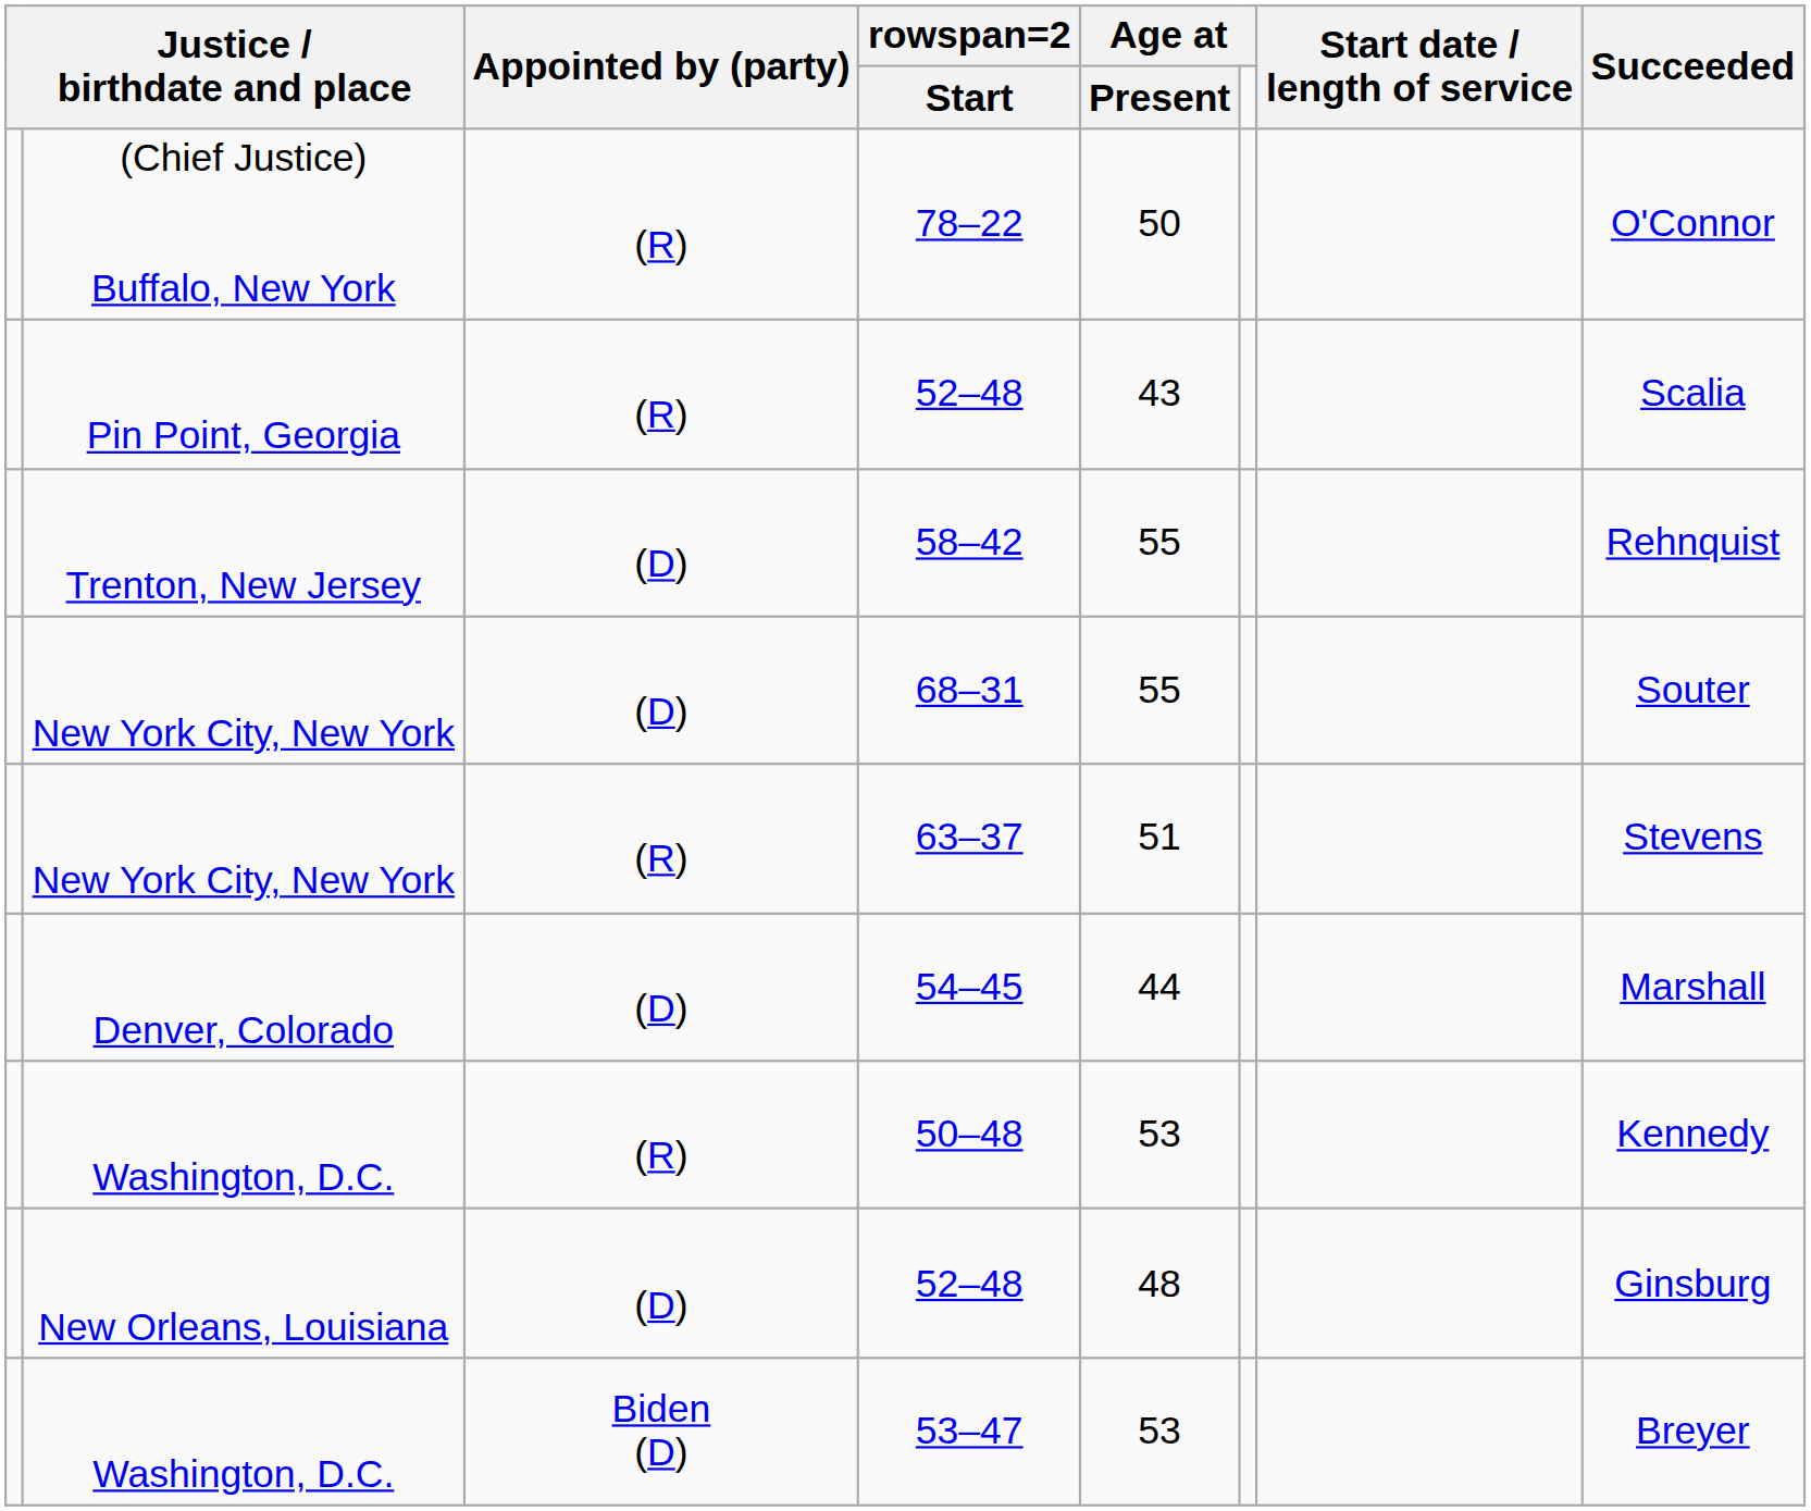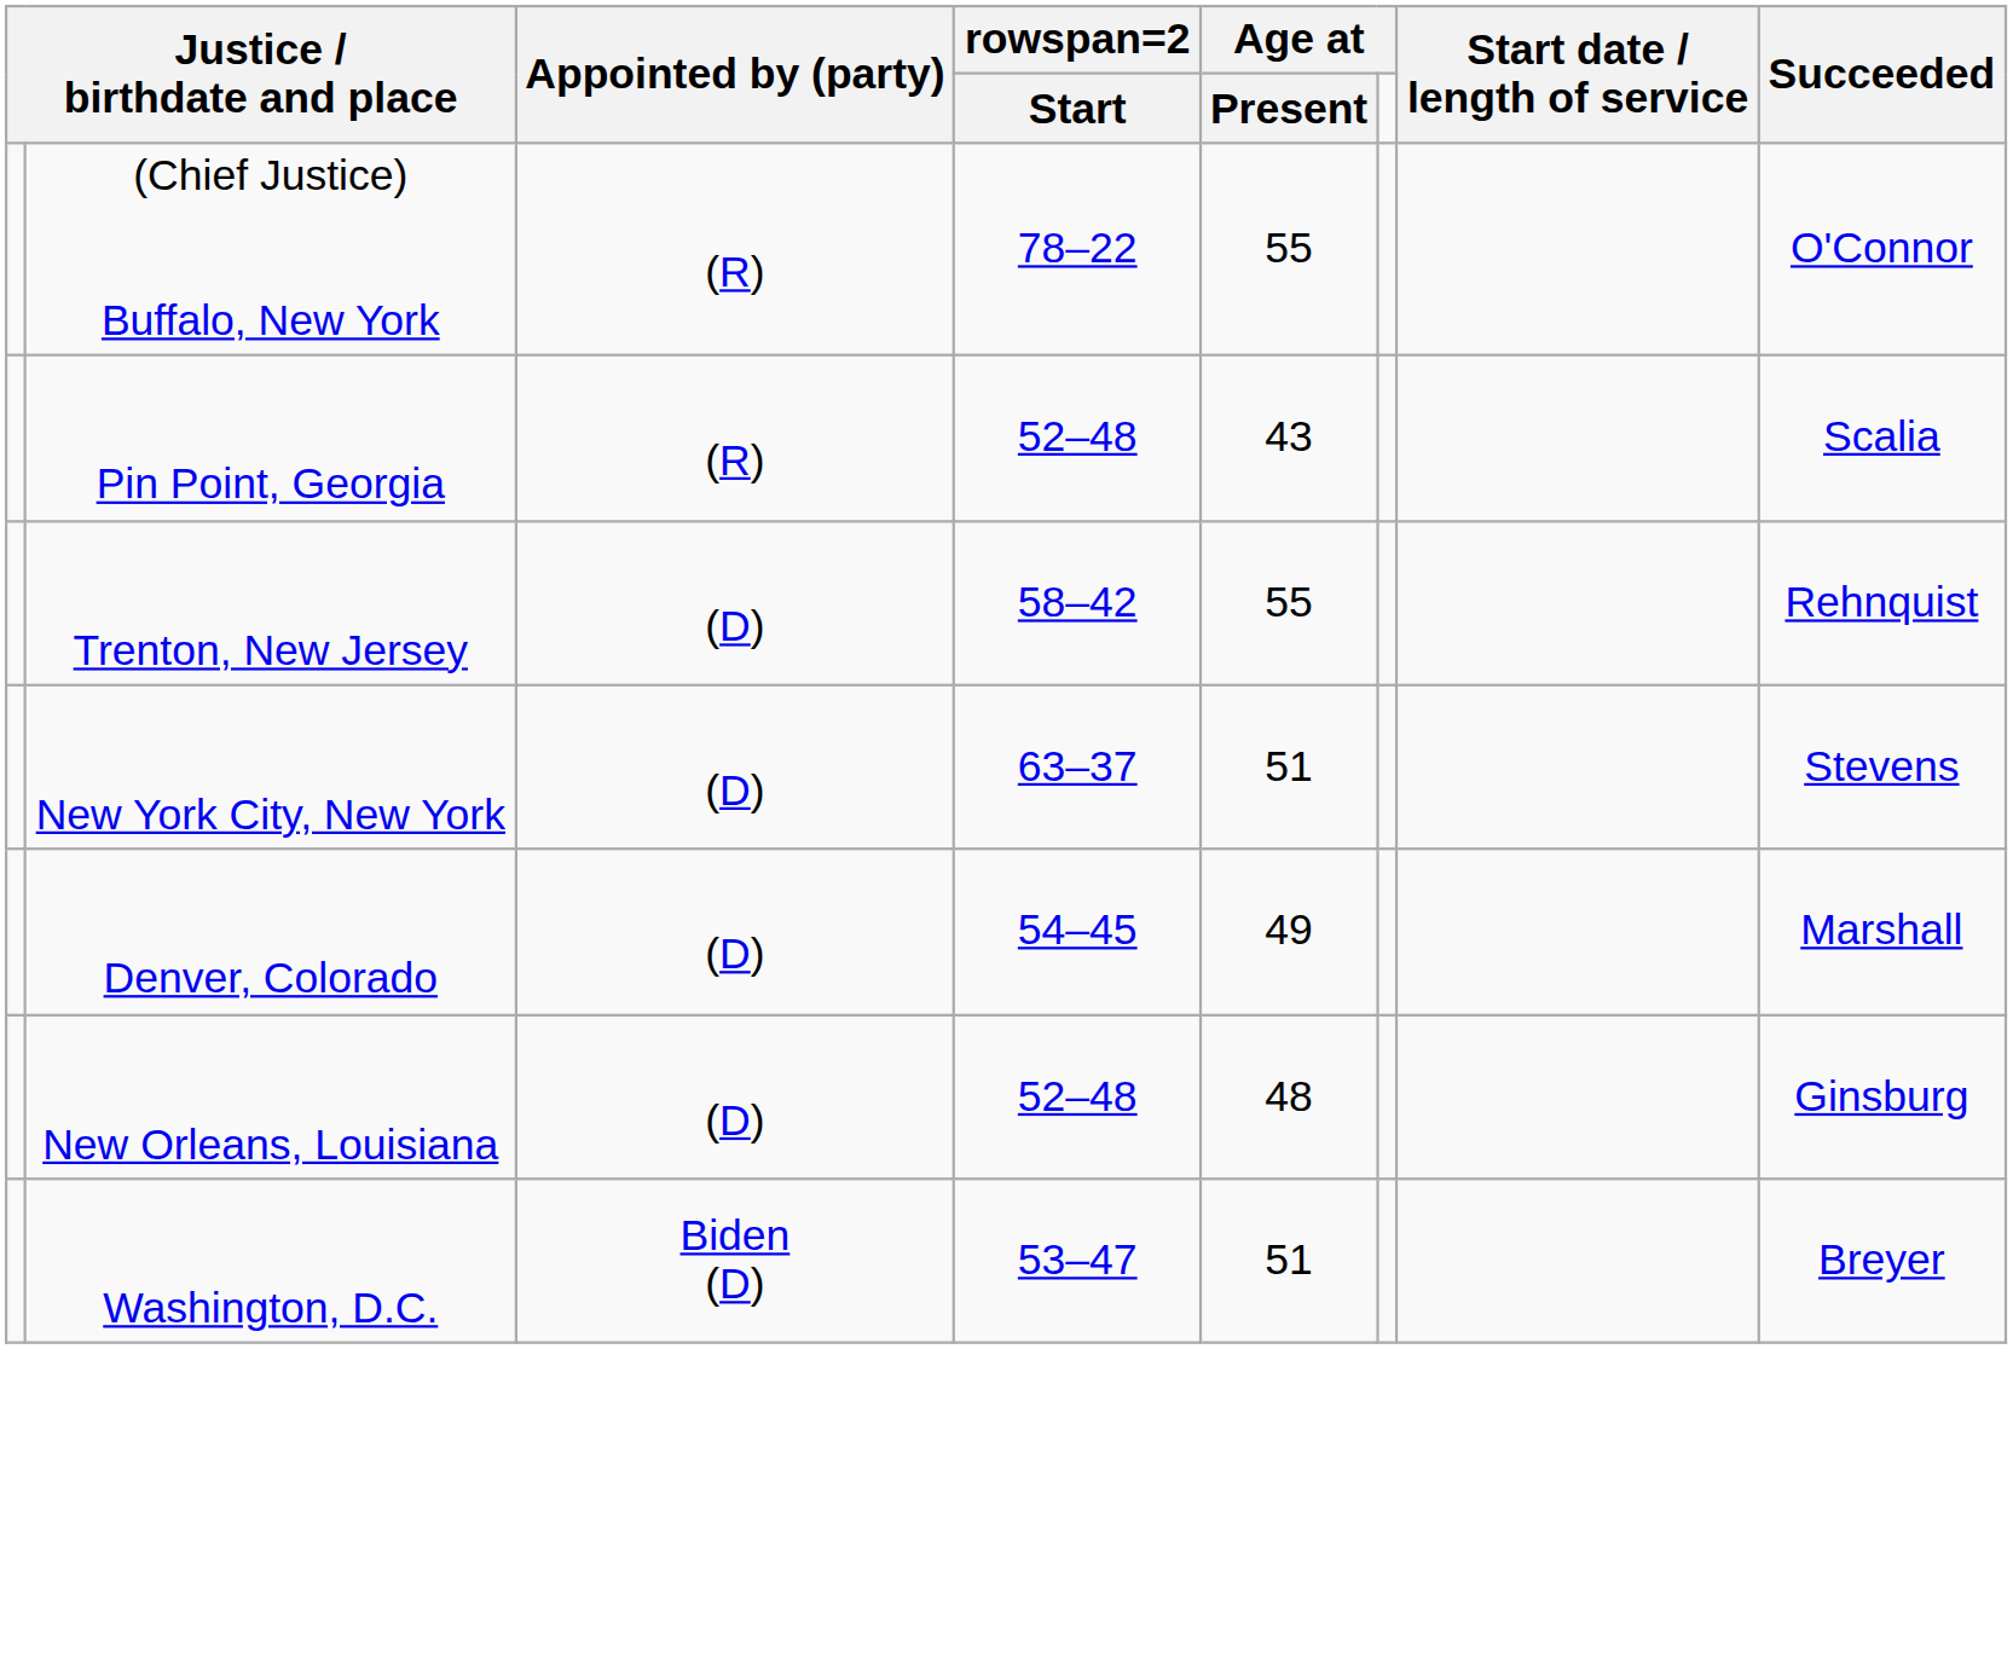 <table class="wikitable sortable" style="text-align:center">
 <tr>
 <th rowspan=2 colspan=2 style="min-width: 150px">Justice /<br>birthdate and place</th>
 <th rowspan=2>Appointed by (party)</th>
 <th>rowspan=2 </th>
 <th colspan=2>Age at</th>
 <th rowspan=2>Start date /<br>length of service</th>
 <th rowspan="2">Succeeded</th>
 </tr>
 <tr>
 <th>Start</th>
 <th>Present</th>
 </tr>
 <tr>
 <td></td>
 <td>(Chief Justice)<br><strong></strong><br><br><a href='#'>Buffalo, New York</a></td>
 <td><br>(<a href='#'>R</a>)</td>
 <td><a href='#'>78–22</a></td>
-<td>50</td>
+<td>55</td>
 <td></td>
 <td style="white-space:nowrap"><br></td>
 <td><a href='#'>O'Connor</a></td>
 </tr>
 <tr>
 <td></td>
 <td><strong></strong><br><br><a href='#'>Pin Point, Georgia</a></td>
 <td><br>(<a href='#'>R</a>)</td>
 <td><a href='#'>52–48</a></td>
 <td>43</td>
 <td></td>
 <td><br></td>
 <td><a href='#'>Scalia</a></td>
 </tr>
 <tr>
 <td></td>
 <td><strong></strong><br><br><a href='#'>Trenton, New Jersey</a></td>
 <td><br>(<a href='#'>D</a>)</td>
 <td><a href='#'>58–42</a></td>
 <td>55</td>
 <td></td>
 <td><br></td>
 <td><a href='#'>Rehnquist</a></td>
 </tr>
 <tr>
 <td></td>
 <td><strong></strong><br><br><a href='#'>New York City, New York</a></td>
 <td><br>(<a href='#'>D</a>)</td>
-<td><a href='#'>68–31</a></td>
-<td>55</td>
-<td></td>
-<td><br></td>
-<td><a href='#'>Souter</a></td>
-</tr>
-<tr>
-<td></td>
-<td><strong></strong><br><br><a href='#'>New York City, New York</a></td>
-<td><br>(<a href='#'>R</a>)</td>
 <td><a href='#'>63–37</a></td>
 <td>51</td>
 <td></td>
 <td><br></td>
 <td><a href='#'>Stevens</a></td>
 </tr>
 <tr>
 <td></td>
 <td><strong></strong><br><br><a href='#'>Denver, Colorado</a></td>
 <td><br>(<a href='#'>D</a>)</td>
 <td><a href='#'>54–45</a></td>
-<td>44</td>
+<td>49</td>
 <td></td>
 <td><br></td>
 <td><a href='#'>Marshall</a></td>
-</tr>
-<tr>
-<td></td>
-<td><strong></strong><br><br><a href='#'>Washington, D.C.</a></td>
-<td><br>(<a href='#'>R</a>)</td>
-<td><a href='#'>50–48</a></td>
-<td>53</td>
-<td></td>
-<td><br></td>
-<td><a href='#'>Kennedy</a></td>
 </tr>
 <tr>
 <td></td>
 <td><strong></strong><br><br><a href='#'>New Orleans, Louisiana</a></td>
 <td><br>(<a href='#'>D</a>)</td>
 <td><a href='#'>52–48</a></td>
 <td>48</td>
 <td></td>
 <td><br></td>
 <td><a href='#'>Ginsburg</a></td>
 </tr>
 <tr>
 <td></td>
 <td><strong></strong><br><br><a href='#'>Washington, D.C.</a></td>
 <td><a href='#'>Biden</a><br>(<a href='#'>D</a>)</td>
 <td><a href='#'>53–47</a></td>
-<td>53</td>
+<td>51</td>
 <td></td>
 <td><br></td>
 <td><a href='#'>Breyer</a></td>
 </tr>
 </table>
